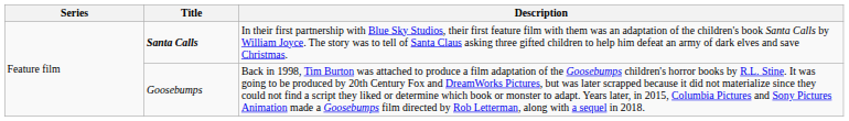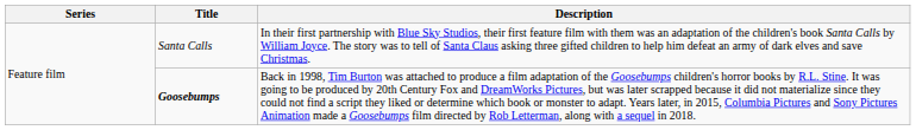 <table class="wikitable">
 <tr>
 <th style="width:150pt;">Series</th>
 <th style="width:100pt;">Title</th>
 <th>Description</th>
 </tr>
 <tr>
 <td rowspan="2">Feature film</td>
-<td><strong><em>Santa Calls</em></strong></td>
+<td><em>Santa Calls</em></td>
 <td>In their first partnership with <a href='#'>Blue Sky Studios</a>, their first feature film with them was an adaptation of the children's book <em>Santa Calls</em> by <a href='#'>William Joyce</a>. The story was to tell of <a href='#'>Santa Claus</a> asking three gifted children to help him defeat an army of dark elves and save <a href='#'>Christmas</a>.</td>
 </tr>
 <tr>
-<td><em>Goosebumps</em></td>
+<td><strong><em>Goosebumps</em></strong></td>
 <td>Back in 1998, <a href='#'>Tim Burton</a> was attached to produce a film adaptation of the <em><a href='#'>Goosebumps</a></em> children's horror books by <a href='#'>R.L. Stine</a>. It was going to be produced by 20th Century Fox and <a href='#'>DreamWorks Pictures</a>, but was later scrapped because it did not materialize since they could not find a script they liked or determine which book or monster to adapt. Years later, in 2015, <a href='#'>Columbia Pictures</a> and <a href='#'>Sony Pictures Animation</a> made a <em><a href='#'>Goosebumps</a></em> film directed by <a href='#'>Rob Letterman</a>, along with <a href='#'>a sequel</a> in 2018.</td>
 </tr>
 </table>
